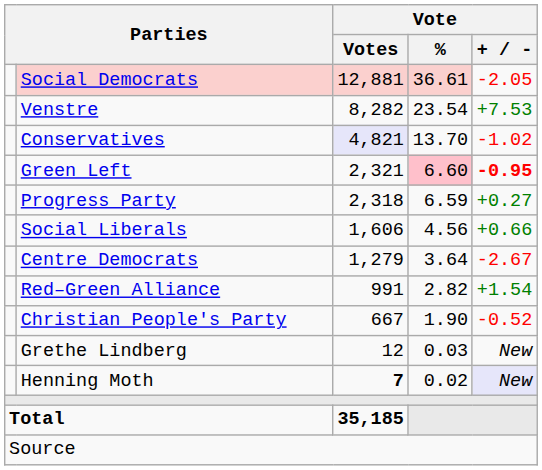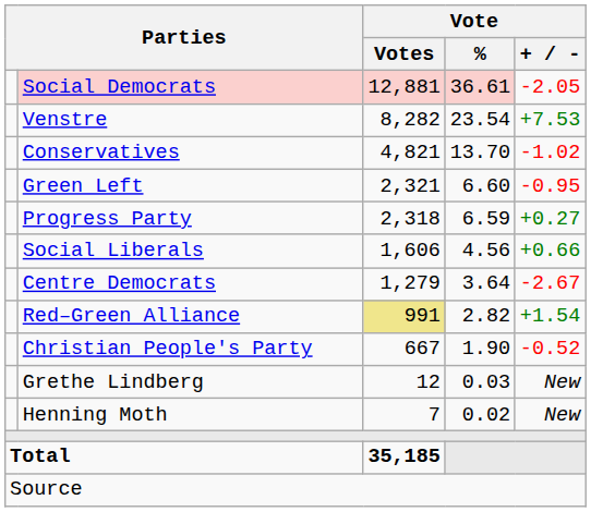 <table class="wikitable" style="text-align:right;">
 <tr>
 <th style="text-align:centre;" rowspan="2" colspan="2" width="225">Parties</th>
 <th colspan="3">Vote</th>
 </tr>
 <tr>
 <th width="15">Votes</th>
 <th width="15">%</th>
 <th width="15">+ / -</th>
 </tr>
 <tr>
 <td width="2" style="color:inherit;background:"></td>
 <td bgcolor=#fbd0ce  align="left"><a href='#'>Social Democrats</a></td>
 <td bgcolor=#fbd0ce>12,881</td>
 <td bgcolor=#fbd0ce>36.61</td>
 <td style=color:red;>-2.05</td>
 </tr>
 <tr>
 <td width="2" style="color:inherit;background:"></td>
 <td align="left"><a href='#'>Venstre</a></td>
 <td>8,282</td>
 <td>23.54</td>
 <td style=color:green;>+7.53</td>
 </tr>
 <tr>
 <td width="2" style="color:inherit;background:"></td>
 <td align="left"><a href='#'>Conservatives</a></td>
-<td style="background: lavender;">4,821</td>
+<td>4,821</td>
 <td>13.70</td>
 <td style=color:red;>-1.02</td>
 </tr>
 <tr>
 <td width="2" style="color:inherit;background:"></td>
 <td align="left"><a href='#'>Green Left</a></td>
 <td>2,321</td>
-<td style="background: pink;">6.60</td>
-<td style=color:red;><strong>-0.95</strong></td>
+<td>6.60</td>
+<td style=color:red;>-0.95</td>
 </tr>
 <tr>
 <td width="2" style="color:inherit;background:"></td>
 <td align="left"><a href='#'>Progress Party</a></td>
 <td>2,318</td>
 <td>6.59</td>
 <td style=color:green;>+0.27</td>
 </tr>
 <tr>
 <td width="2" style="color:inherit;background:"></td>
 <td align="left"><a href='#'>Social Liberals</a></td>
 <td>1,606</td>
 <td>4.56</td>
 <td style=color:green;>+0.66</td>
 </tr>
 <tr>
 <td width="2" style="color:inherit;background:"></td>
 <td align="left"><a href='#'>Centre Democrats</a></td>
 <td>1,279</td>
 <td>3.64</td>
 <td style=color:red;>-2.67</td>
 </tr>
 <tr>
 <td width="2" style="color:inherit;background:"></td>
 <td align="left"><a href='#'>Red–Green Alliance</a></td>
-<td>991</td>
+<td style="background: khaki;">991</td>
 <td>2.82</td>
 <td style=color:green;>+1.54</td>
 </tr>
 <tr>
 <td width="2" style="color:inherit;background:"></td>
 <td align="left"><a href='#'>Christian People's Party</a></td>
 <td>667</td>
 <td>1.90</td>
 <td style=color:red;>-0.52</td>
 </tr>
 <tr>
 <td width="2" style="color:inherit;background:"></td>
 <td align="left">Grethe Lindberg</td>
 <td>12</td>
 <td>0.03</td>
 <td><em>New</em></td>
 </tr>
 <tr>
 <td width="2" style="color:inherit;background:"></td>
 <td align="left">Henning Moth</td>
-<td><strong>7</strong></td>
+<td>7</td>
 <td>0.02</td>
-<td style="background: lavender;"><em>New</em></td>
+<td><em>New</em></td>
 </tr>
 <tr>
 <td colspan="7" bgcolor="#E9E9E9"></td>
 </tr>
 <tr>
 <td align="left" colspan="2"><strong>Total</strong></td>
 <td><strong>35,185</strong></td>
 <td bgcolor="#E9E9E9" colspan="2"></td>
 </tr>
 <tr>
 <td align="left" colspan="6">Source</td>
 </tr>
 </table>
